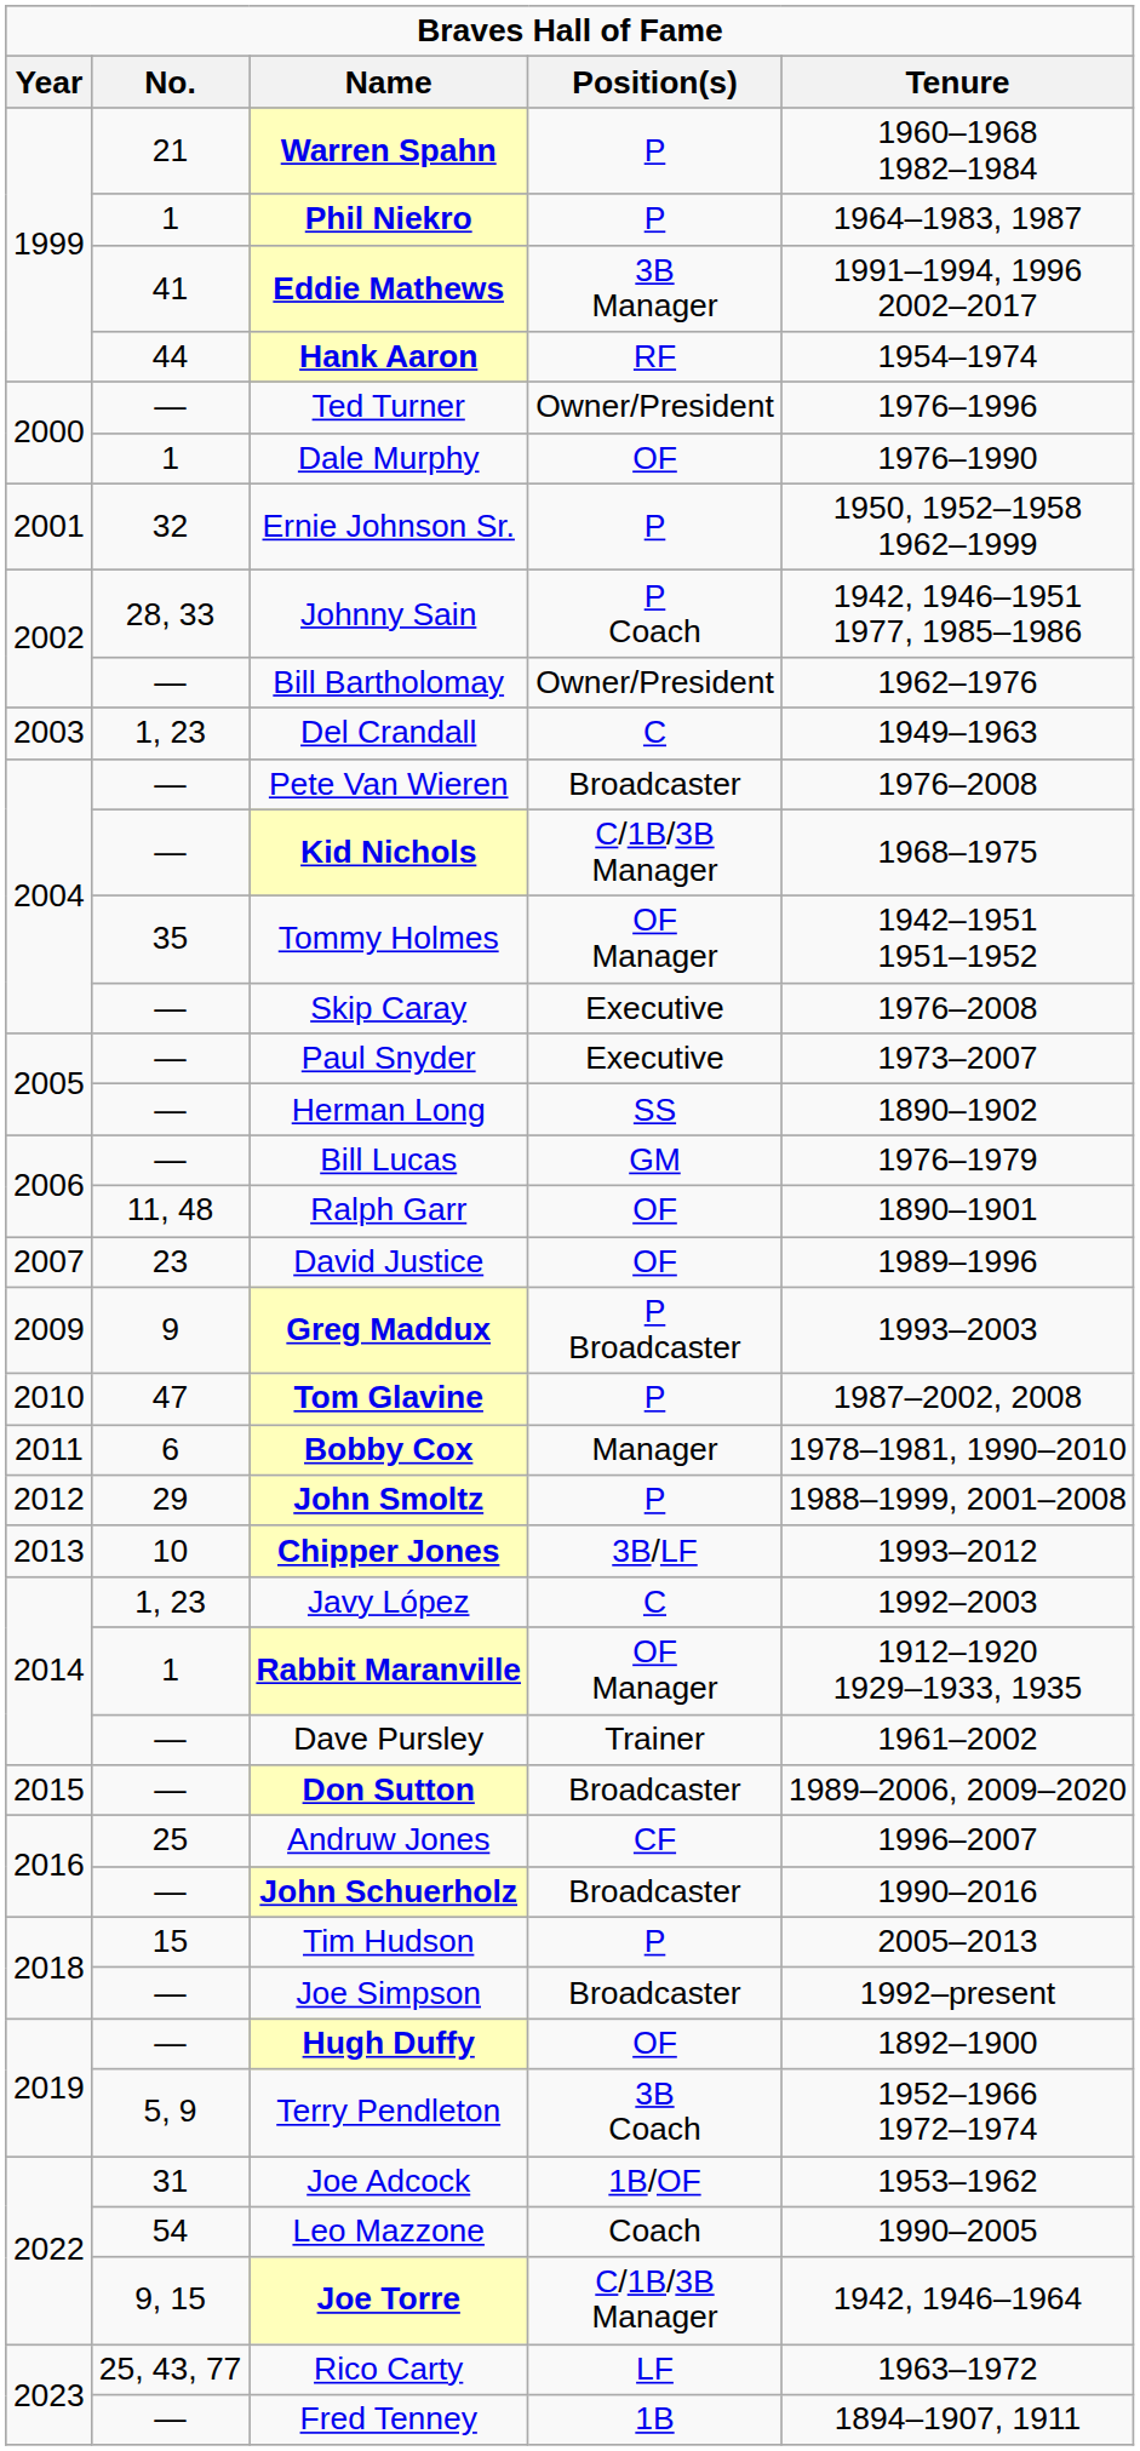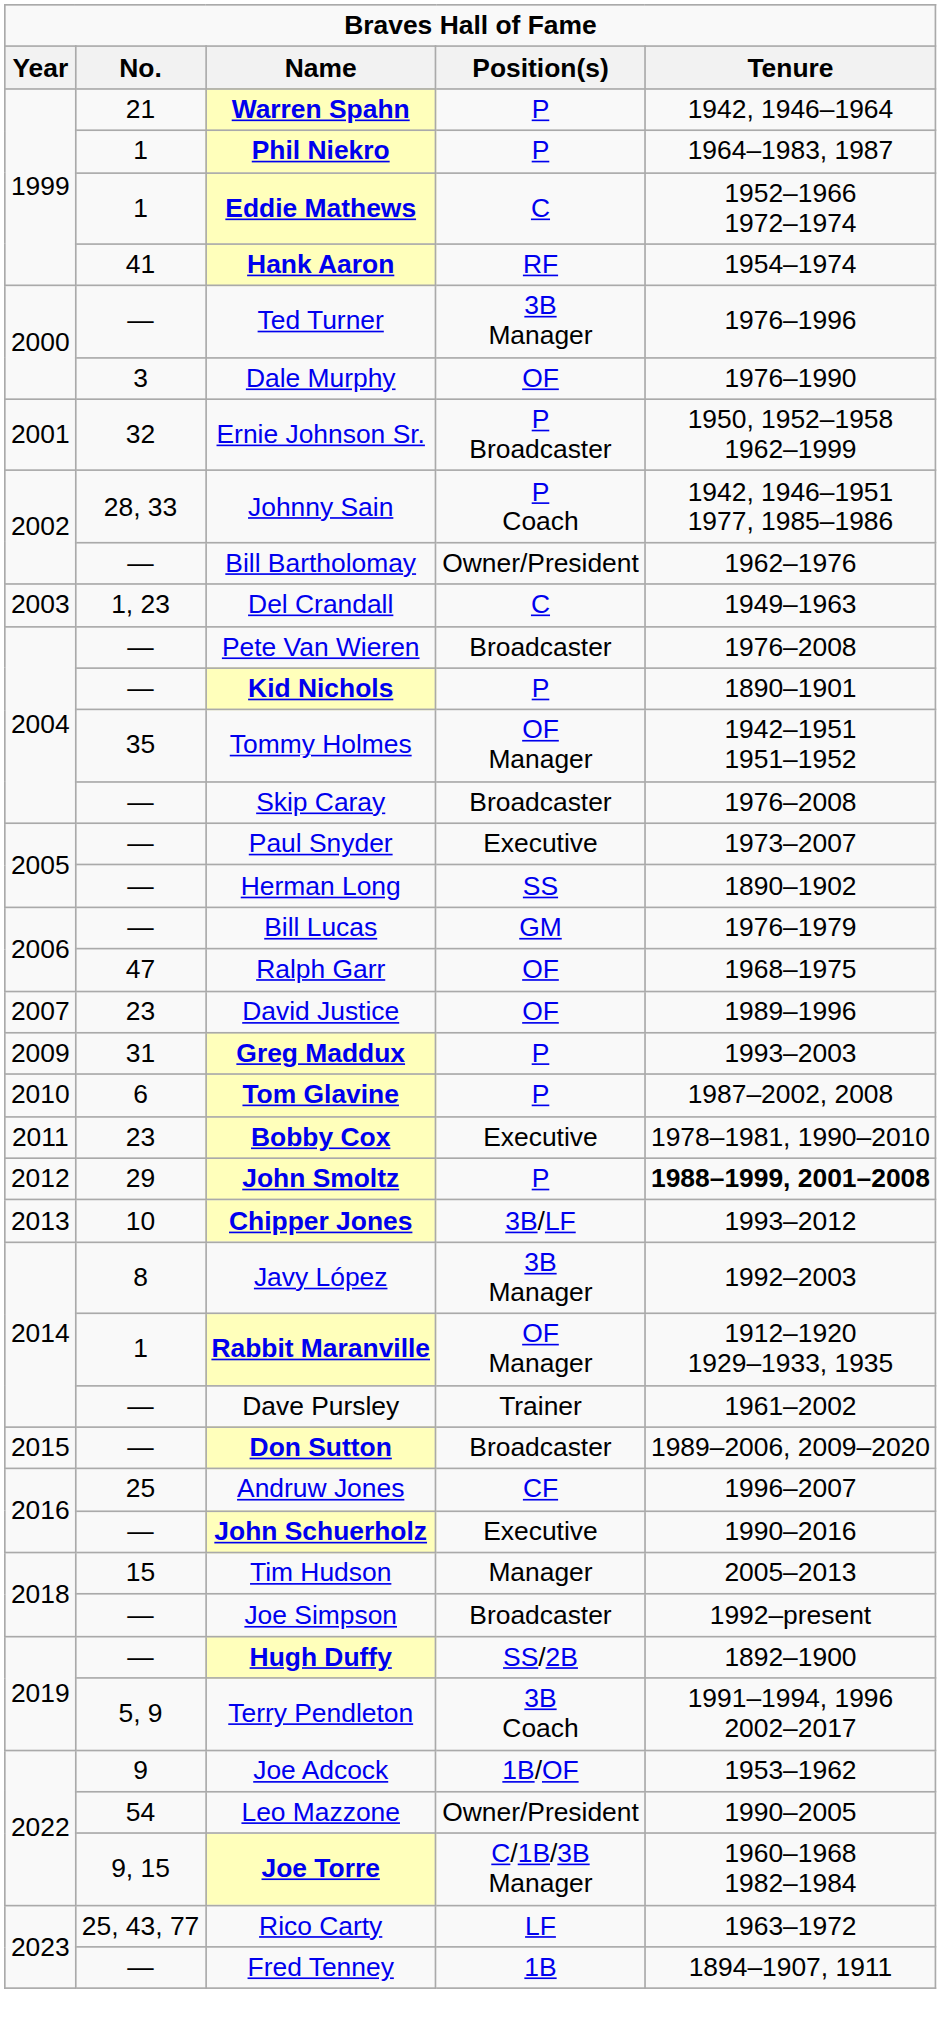 <table class="wikitable" style="text-align:center">
 <tr>
 <td colspan="5"><strong>Braves Hall of Fame</strong></td>
 </tr>
 <tr>
 <th scope="col">Year</th>
 <th scope="col">No.</th>
 <th scope="col">Name</th>
 <th scope="col">Position(s)</th>
 <th scope="col">Tenure</th>
 </tr>
 <tr>
 <td rowspan=4>1999</td>
 <td>21</td>
 <td style="background:#ffb;"><strong><a href='#'>Warren Spahn</a></strong></td>
 <td><a href='#'>P</a></td>
-<td>1960–1968 <br>1982–1984</td>
+<td>1942, 1946–1964</td>
 </tr>
 <tr>
 <td>1</td>
 <td style="background:#ffb;"><strong><a href='#'>Phil Niekro</a></strong></td>
 <td><a href='#'>P</a></td>
 <td>1964–1983, 1987</td>
 </tr>
 <tr>
-<td>41</td>
+<td>1</td>
 <td style="background:#ffb;"><strong><a href='#'>Eddie Mathews</a></strong></td>
-<td><a href='#'>3B</a><br>Manager</td>
-<td>1991–1994, 1996<br>2002–2017</td>
+<td><a href='#'>C</a></td>
+<td>1952–1966<br>1972–1974</td>
 </tr>
 <tr>
-<td>44</td>
+<td>41</td>
 <td style="background:#ffb;"><strong><a href='#'>Hank Aaron</a></strong></td>
 <td><a href='#'>RF</a></td>
 <td>1954–1974</td>
 </tr>
 <tr>
 <td rowspan=2>2000</td>
 <td>—</td>
 <td><a href='#'>Ted Turner</a></td>
-<td>Owner/President</td>
+<td><a href='#'>3B</a><br>Manager</td>
 <td>1976–1996</td>
 </tr>
 <tr>
-<td>1</td>
+<td>3</td>
 <td><a href='#'>Dale Murphy</a></td>
 <td><a href='#'>OF</a></td>
 <td>1976–1990</td>
 </tr>
 <tr>
 <td>2001</td>
 <td>32</td>
 <td><a href='#'>Ernie Johnson Sr.</a></td>
-<td><a href='#'>P</a></td>
+<td><a href='#'>P</a><br>Broadcaster</td>
 <td>1950, 1952–1958<br>1962–1999</td>
 </tr>
 <tr>
 <td rowspan=2>2002</td>
 <td>28, 33</td>
 <td><a href='#'>Johnny Sain</a></td>
 <td><a href='#'>P</a><br>Coach</td>
 <td>1942, 1946–1951<br>1977, 1985–1986</td>
 </tr>
 <tr>
 <td>—</td>
 <td><a href='#'>Bill Bartholomay</a></td>
 <td>Owner/President</td>
 <td>1962–1976</td>
 </tr>
 <tr>
 <td>2003</td>
 <td>1, 23</td>
 <td><a href='#'>Del Crandall</a></td>
 <td><a href='#'>C</a></td>
 <td>1949–1963</td>
 </tr>
 <tr>
 <td rowspan=4>2004</td>
 <td>—</td>
 <td><a href='#'>Pete Van Wieren</a></td>
 <td>Broadcaster</td>
 <td>1976–2008</td>
 </tr>
 <tr>
 <td>—</td>
 <td style="background:#ffb;"><strong><a href='#'>Kid Nichols</a></strong></td>
-<td><a href='#'>C</a>/<a href='#'>1B</a>/<a href='#'>3B</a><br>Manager</td>
-<td>1968–1975</td>
+<td><a href='#'>P</a></td>
+<td>1890–1901</td>
 </tr>
 <tr>
 <td>35</td>
 <td><a href='#'>Tommy Holmes</a></td>
 <td><a href='#'>OF</a><br>Manager</td>
 <td>1942–1951<br>1951–1952</td>
 </tr>
 <tr>
 <td>—</td>
 <td><a href='#'>Skip Caray</a></td>
-<td>Executive</td>
+<td>Broadcaster</td>
 <td>1976–2008</td>
 </tr>
 <tr>
 <td rowspan=2>2005</td>
 <td>—</td>
 <td><a href='#'>Paul Snyder</a></td>
 <td>Executive</td>
 <td>1973–2007</td>
 </tr>
 <tr>
 <td>—</td>
 <td><a href='#'>Herman Long</a></td>
 <td><a href='#'>SS</a></td>
 <td>1890–1902</td>
 </tr>
 <tr>
 <td rowspan=2>2006</td>
 <td>—</td>
 <td><a href='#'>Bill Lucas</a></td>
 <td><a href='#'>GM</a></td>
 <td>1976–1979</td>
 </tr>
 <tr>
-<td>11, 48</td>
+<td>47</td>
 <td><a href='#'>Ralph Garr</a></td>
 <td><a href='#'>OF</a></td>
-<td>1890–1901</td>
+<td>1968–1975</td>
 </tr>
 <tr>
 <td>2007</td>
 <td>23</td>
 <td><a href='#'>David Justice</a></td>
 <td><a href='#'>OF</a></td>
 <td>1989–1996</td>
 </tr>
 <tr>
 <td>2009</td>
-<td>9</td>
+<td>31</td>
 <td style="background:#ffb;"><strong><a href='#'>Greg Maddux</a></strong></td>
-<td><a href='#'>P</a><br>Broadcaster</td>
+<td><a href='#'>P</a></td>
 <td>1993–2003</td>
 </tr>
 <tr>
 <td>2010</td>
-<td>47</td>
+<td>6</td>
 <td style="background:#ffb;"><strong><a href='#'>Tom Glavine</a></strong></td>
 <td><a href='#'>P</a></td>
 <td>1987–2002, 2008</td>
 </tr>
 <tr>
 <td>2011</td>
-<td>6</td>
+<td>23</td>
 <td style="background:#ffb;"><strong><a href='#'>Bobby Cox</a></strong></td>
-<td>Manager</td>
+<td>Executive</td>
 <td>1978–1981, 1990–2010</td>
 </tr>
 <tr>
 <td>2012</td>
 <td>29</td>
 <td style="background:#ffb;"><strong><a href='#'>John Smoltz</a></strong></td>
 <td><a href='#'>P</a></td>
-<td>1988–1999, 2001–2008</td>
+<td><strong>1988–1999, 2001–2008</strong></td>
 </tr>
 <tr>
 <td>2013</td>
 <td>10</td>
 <td style="background:#ffb;"><strong><a href='#'>Chipper Jones</a></strong></td>
 <td><a href='#'>3B</a>/<a href='#'>LF</a></td>
 <td>1993–2012</td>
 </tr>
 <tr>
 <td rowspan=3>2014</td>
-<td>1, 23</td>
+<td>8</td>
 <td><a href='#'>Javy López</a></td>
-<td><a href='#'>C</a></td>
+<td><a href='#'>3B</a><br>Manager</td>
 <td>1992–2003</td>
 </tr>
 <tr>
 <td>1</td>
 <td style="background:#ffb;"><strong><a href='#'>Rabbit Maranville</a></strong></td>
 <td><a href='#'>OF</a><br>Manager</td>
 <td>1912–1920<br>1929–1933, 1935</td>
 </tr>
 <tr>
 <td>—</td>
 <td>Dave Pursley</td>
 <td>Trainer</td>
 <td>1961–2002</td>
 </tr>
 <tr>
 <td>2015</td>
 <td>—</td>
 <td style="background:#ffb;"><strong><a href='#'>Don Sutton</a></strong></td>
 <td>Broadcaster</td>
 <td>1989–2006, 2009–2020</td>
 </tr>
 <tr>
 <td rowspan=2>2016</td>
 <td>25</td>
 <td><a href='#'>Andruw Jones</a></td>
 <td><a href='#'>CF</a></td>
 <td>1996–2007</td>
 </tr>
 <tr>
 <td>—</td>
 <td style="background:#ffb;"><strong><a href='#'>John Schuerholz</a></strong></td>
-<td>Broadcaster</td>
+<td>Executive</td>
 <td>1990–2016</td>
 </tr>
 <tr>
 <td rowspan=2>2018</td>
 <td>15</td>
 <td><a href='#'>Tim Hudson</a></td>
-<td><a href='#'>P</a></td>
+<td>Manager</td>
 <td>2005–2013</td>
 </tr>
 <tr>
 <td>—</td>
 <td><a href='#'>Joe Simpson</a></td>
 <td>Broadcaster</td>
 <td>1992–present</td>
 </tr>
 <tr>
 <td rowspan=2>2019</td>
 <td>—</td>
 <td style="background:#ffb;"><strong><a href='#'>Hugh Duffy</a></strong></td>
-<td><a href='#'>OF</a></td>
+<td><a href='#'>SS</a>/<a href='#'>2B</a></td>
 <td>1892–1900</td>
 </tr>
 <tr>
 <td>5, 9</td>
 <td><a href='#'>Terry Pendleton</a></td>
 <td><a href='#'>3B</a><br>Coach</td>
-<td>1952–1966<br>1972–1974</td>
+<td>1991–1994, 1996<br>2002–2017</td>
 </tr>
 <tr>
 <td rowspan=3>2022</td>
-<td>31</td>
+<td>9</td>
 <td><a href='#'>Joe Adcock</a></td>
 <td><a href='#'>1B</a>/<a href='#'>OF</a></td>
 <td>1953–1962</td>
 </tr>
 <tr>
 <td>54</td>
 <td><a href='#'>Leo Mazzone</a></td>
-<td>Coach</td>
+<td>Owner/President</td>
 <td>1990–2005</td>
 </tr>
 <tr>
 <td>9, 15</td>
 <td style="background:#ffb;"><strong><a href='#'>Joe Torre</a></strong></td>
 <td><a href='#'>C</a>/<a href='#'>1B</a>/<a href='#'>3B</a><br>Manager</td>
-<td>1942, 1946–1964</td>
+<td>1960–1968 <br>1982–1984</td>
 </tr>
 <tr>
 <td rowspan=2>2023</td>
 <td>25, 43, 77</td>
 <td><a href='#'>Rico Carty</a></td>
 <td><a href='#'>LF</a></td>
 <td>1963–1972</td>
 </tr>
 <tr>
 <td>—</td>
 <td><a href='#'>Fred Tenney</a></td>
 <td><a href='#'>1B</a></td>
 <td>1894–1907, 1911</td>
 </tr>
 </table>
